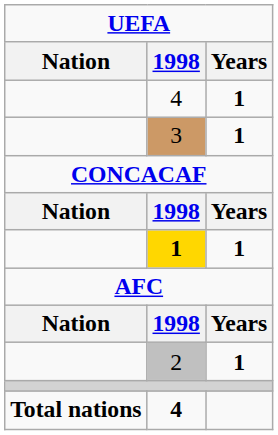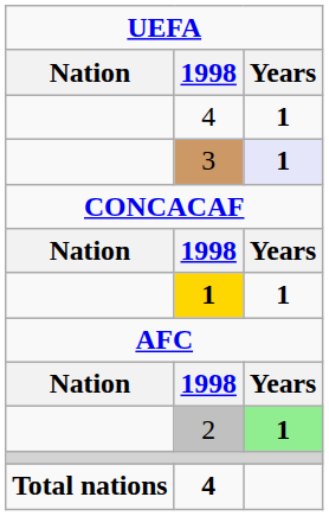 <table class="wikitable" style="text-align:center">
 <tr>
 <td colspan=10><strong><a href='#'>UEFA</a></strong></td>
 </tr>
 <tr>
 <th>Nation</th>
 <th><a href='#'>1998</a></th>
 <th>Years</th>
 </tr>
 <tr>
 <td align=left></td>
 <td>4</td>
 <td><strong>1</strong></td>
 </tr>
 <tr>
 <td align=left></td>
 <td style="background:#c96;">3</td>
-<td><strong>1</strong></td>
+<td style="background: lavender;"><strong>1</strong></td>
 </tr>
 <tr>
 <td colspan=10><strong><a href='#'>CONCACAF</a></strong></td>
 </tr>
 <tr>
 <th>Nation</th>
 <th><a href='#'>1998</a></th>
 <th>Years</th>
 </tr>
 <tr>
 <td align=left></td>
 <td bgcolor=gold><strong>1</strong></td>
 <td><strong>1</strong></td>
 </tr>
 <tr>
 <td colspan=10><strong><a href='#'>AFC</a></strong></td>
 </tr>
 <tr>
 <th>Nation</th>
 <th><a href='#'>1998</a></th>
 <th>Years</th>
 </tr>
 <tr>
 <td align=left></td>
 <td style="background:silver;">2</td>
-<td><strong>1</strong></td>
+<td style="background: lightgreen;"><strong>1</strong></td>
 </tr>
 <tr style="background:lightgrey;">
 <td colspan=3></td>
 </tr>
 <tr>
 <td align=left><strong>Total nations</strong></td>
 <td><strong>4</strong></td>
 <td></td>
 </tr>
 </table>
